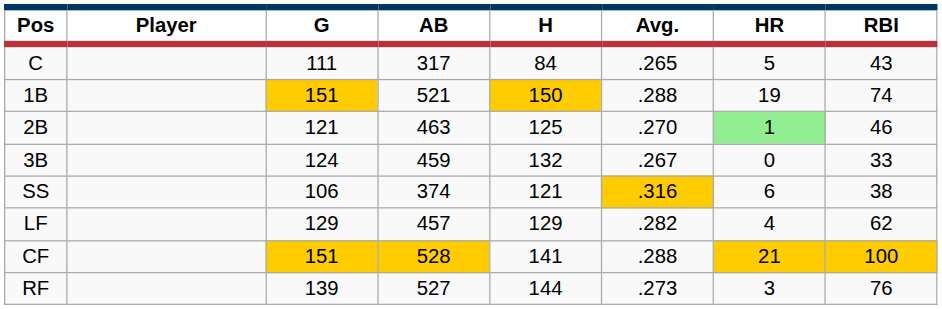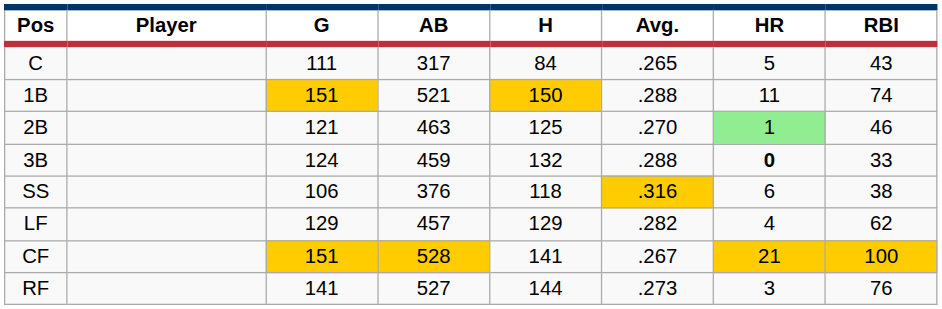 <table class="wikitable sortable">
 <tr>
 <th style="background:#FFFFFF; border-top:#023465 5px solid; border-bottom:#ba313c 5px solid;" width="5%">Pos</th>
 <th style="background:#FFFFFF; border-top:#023465 5px solid; border-bottom:#ba313c 5px solid;" width="16%">Player</th>
 <th style="background:#FFFFFF; border-top:#023465 5px solid; border-bottom:#ba313c 5px solid;" width="9%">G</th>
 <th style="background:#FFFFFF; border-top:#023465 5px solid; border-bottom:#ba313c 5px solid;" width="9%">AB</th>
 <th style="background:#FFFFFF; border-top:#023465 5px solid; border-bottom:#ba313c 5px solid;" width="9%">H</th>
 <th style="background:#FFFFFF; border-top:#023465 5px solid; border-bottom:#ba313c 5px solid;" width="9%">Avg.</th>
 <th style="background:#FFFFFF; border-top:#023465 5px solid; border-bottom:#ba313c 5px solid;" width="9%">HR</th>
 <th style="background:#FFFFFF; border-top:#023465 5px solid; border-bottom:#ba313c 5px solid;" width="9%">RBI</th>
 </tr>
 <tr align="center">
 <td>C</td>
 <td></td>
 <td>111</td>
 <td>317</td>
 <td>84</td>
 <td>.265</td>
 <td>5</td>
 <td>43</td>
 </tr>
 <tr align="center">
 <td>1B</td>
 <td></td>
 <td style="background:#fc0;">151</td>
 <td>521</td>
 <td style="background:#fc0;">150</td>
 <td>.288</td>
-<td>19</td>
+<td>11</td>
 <td>74</td>
 </tr>
 <tr align="center">
 <td>2B</td>
 <td></td>
 <td>121</td>
 <td>463</td>
 <td>125</td>
 <td>.270</td>
 <td style="background: lightgreen;">1</td>
 <td>46</td>
 </tr>
 <tr align="center">
 <td>3B</td>
 <td></td>
 <td>124</td>
 <td>459</td>
 <td>132</td>
-<td>.267</td>
-<td>0</td>
+<td>.288</td>
+<td><strong>0</strong></td>
 <td>33</td>
 </tr>
 <tr align="center">
 <td>SS</td>
 <td></td>
 <td>106</td>
-<td>374</td>
-<td>121</td>
+<td>376</td>
+<td>118</td>
 <td style="background:#fc0;">.316</td>
 <td>6</td>
 <td>38</td>
 </tr>
 <tr align="center">
 <td>LF</td>
 <td></td>
 <td>129</td>
 <td>457</td>
 <td>129</td>
 <td>.282</td>
 <td>4</td>
 <td>62</td>
 </tr>
 <tr align="center">
 <td>CF</td>
 <td></td>
 <td style="background:#fc0;">151</td>
 <td style="background:#fc0;">528</td>
 <td>141</td>
-<td>.288</td>
+<td>.267</td>
 <td style="background:#fc0;">21</td>
 <td style="background:#fc0;">100</td>
 </tr>
 <tr align="center">
 <td>RF</td>
 <td></td>
-<td>139</td>
+<td>141</td>
 <td>527</td>
 <td>144</td>
 <td>.273</td>
 <td>3</td>
 <td>76</td>
 </tr>
 </table>
